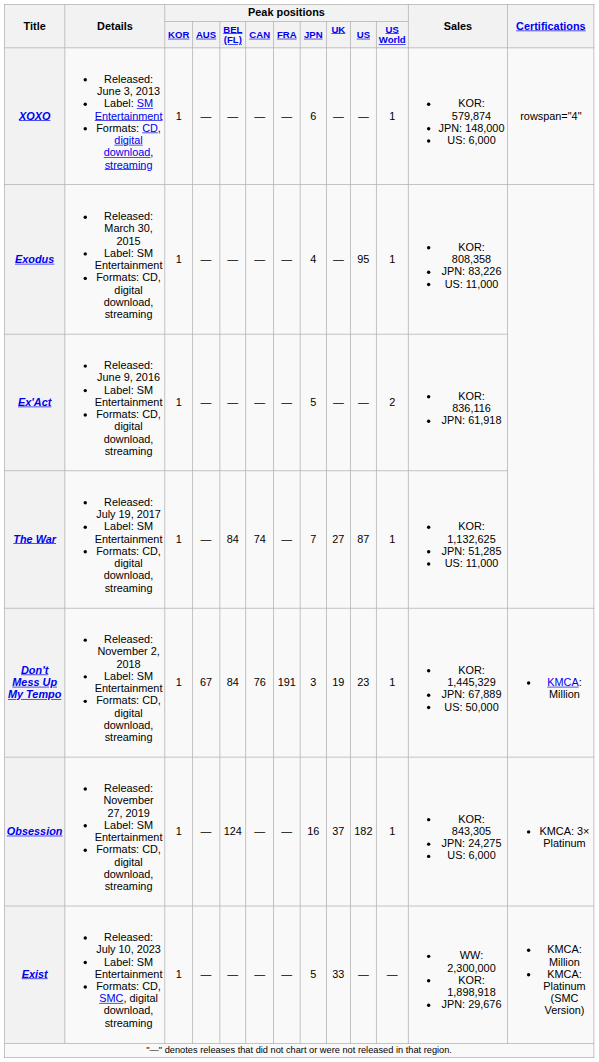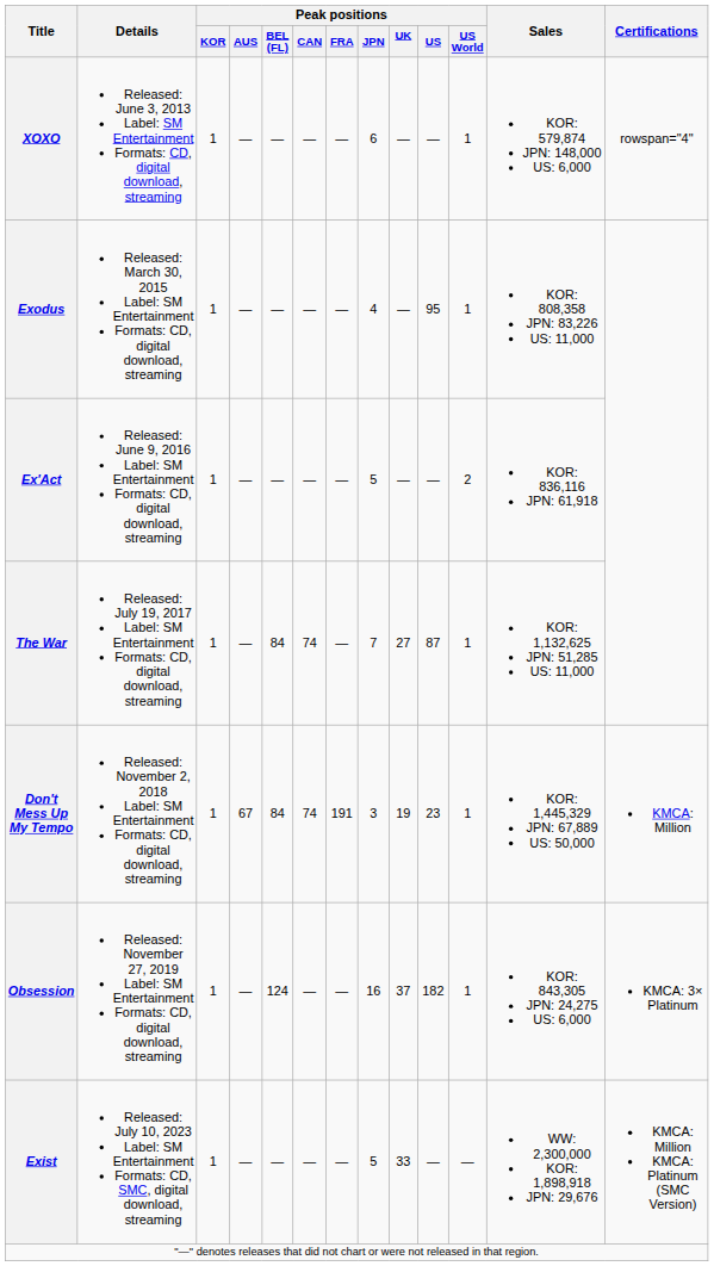 <table class="wikitable plainrowheaders" style="text-align:center;">
 <tr>
 <th scope="col" rowspan="2">Title</th>
 <th scope="col" rowspan="2">Details</th>
 <th scope="col" colspan="9">Peak positions</th>
 <th scope="col" rowspan="2" style="width:10.5em;">Sales</th>
 <th scope="col" rowspan="2" style="width:8.5em;"><a href='#'>Certifications</a><br></th>
 </tr>
 <tr>
 <th scope="col" style="width:2.6em;font-size:88%;"><a href='#'>KOR</a><br></th>
 <th scope="col" style="width:2.6em;font-size:88%;"><a href='#'>AUS</a><br></th>
 <th scope="col" style="width:2.6em;font-size:88%;"><a href='#'>BEL<br>(FL)</a><br></th>
 <th scope="col" style="width:2.6em;font-size:88%;"><a href='#'>CAN</a><br></th>
 <th scope="col" style="width:2.6em;font-size:88%;"><a href='#'>FRA</a><br></th>
 <th scope="col" style="width:2.6em;font-size:88%;"><a href='#'>JPN</a><br></th>
 <th scope="col" style="width:2.6em;font-size:88%;"><a href='#'>UK<br></a><br></th>
 <th scope="col" style="width:2.6em;font-size:88%;"><a href='#'>US</a><br></th>
 <th scope="col" style="width:2.6em;font-size:88%;"><a href='#'>US<br>World</a><br></th>
 </tr>
 <tr>
 <th scope="row"><em><a href='#'>XOXO</a></em></th>
 <td><br><ul><li>Released: June 3, 2013</li><li>Label: <a href='#'>SM Entertainment</a></li><li>Formats: <a href='#'>CD</a>, <a href='#'>digital download</a>, <a href='#'>streaming</a></li></ul></td>
 <td>1</td>
 <td>—</td>
 <td>—</td>
 <td>—</td>
 <td>—</td>
 <td>6</td>
 <td>—</td>
 <td>—</td>
 <td>1</td>
 <td><br><ul><li>KOR: 579,874</li><li>JPN: 148,000</li><li>US: 6,000</li></ul></td>
 <td>rowspan="4" </td>
 </tr>
 <tr>
 <th scope="row"><em><a href='#'>Exodus</a></em></th>
 <td><br><ul><li>Released: March 30, 2015</li><li>Label: SM Entertainment</li><li>Formats: CD, digital download, streaming</li></ul></td>
 <td>1</td>
 <td>—</td>
 <td>—</td>
 <td>—</td>
 <td>—</td>
 <td>4</td>
 <td>—</td>
 <td>95</td>
 <td>1</td>
 <td><br><ul><li>KOR: 808,358</li><li>JPN: 83,226</li><li>US: 11,000</li></ul></td>
 </tr>
 <tr>
 <th scope="row"><em><a href='#'>Ex'Act</a></em></th>
 <td><br><ul><li>Released: June 9, 2016</li><li>Label: SM Entertainment</li><li>Formats: CD, digital download, streaming</li></ul></td>
 <td>1</td>
 <td>—</td>
 <td>—</td>
 <td>—</td>
 <td>—</td>
 <td>5</td>
 <td>—</td>
 <td>—</td>
 <td>2</td>
 <td><br><ul><li>KOR: 836,116</li><li>JPN: 61,918</li></ul></td>
 </tr>
 <tr>
 <th scope="row"><em><a href='#'>The War</a></em></th>
 <td><br><ul><li>Released: July 19, 2017</li><li>Label: SM Entertainment</li><li>Formats: CD, digital download, streaming</li></ul></td>
 <td>1</td>
 <td>—</td>
 <td>84</td>
 <td>74</td>
 <td>—</td>
 <td>7</td>
 <td>27</td>
 <td>87</td>
 <td>1</td>
 <td><br><ul><li>KOR: 1,132,625</li><li>JPN: 51,285</li><li>US: 11,000</li></ul></td>
 </tr>
 <tr>
 <th scope="row"><em><a href='#'>Don't Mess Up My Tempo</a></em></th>
 <td><br><ul><li>Released: November 2, 2018</li><li>Label: SM Entertainment</li><li>Formats: CD, digital download, streaming</li></ul></td>
 <td>1</td>
 <td>67</td>
 <td>84</td>
-<td>76</td>
+<td>74</td>
 <td>191</td>
 <td>3</td>
 <td>19</td>
 <td>23</td>
 <td>1</td>
 <td><br><ul><li>KOR: 1,445,329</li><li>JPN: 67,889</li><li>US: 50,000</li></ul></td>
 <td><br><ul><li><a href='#'>KMCA</a>: Million</li></ul></td>
 </tr>
 <tr>
 <th scope="row"><em><a href='#'>Obsession</a></em></th>
 <td><br><ul><li>Released: November 27, 2019</li><li>Label: SM Entertainment</li><li>Formats: CD, digital download, streaming</li></ul></td>
 <td>1</td>
 <td>—</td>
 <td>124</td>
 <td>—</td>
 <td>—</td>
 <td>16</td>
 <td>37</td>
 <td>182</td>
 <td>1</td>
 <td><br><ul><li>KOR: 843,305</li><li>JPN: 24,275</li><li>US: 6,000</li></ul></td>
 <td><br><ul><li>KMCA: 3× Platinum</li></ul></td>
 </tr>
 <tr>
 <th scope="row"><em><a href='#'>Exist</a></em></th>
 <td><br><ul><li>Released: July 10, 2023</li><li>Label: SM Entertainment</li><li>Formats: CD, <a href='#'>SMC</a>, digital download, streaming</li></ul></td>
 <td>1</td>
 <td>—</td>
 <td>—</td>
 <td>—</td>
 <td>—</td>
 <td>5</td>
 <td>33</td>
 <td>—</td>
 <td>—</td>
 <td><br><ul><li>WW: 2,300,000</li><li>KOR: 1,898,918</li><li>JPN: 29,676</li></ul></td>
 <td><br><ul><li>KMCA: Million</li><li>KMCA: Platinum (SMC Version)</li></ul></td>
 </tr>
 <tr>
 <td colspan="14" style="text-align:center; font-size:85%">"—" denotes releases that did not chart or were not released in that region.</td>
 </tr>
 </table>
